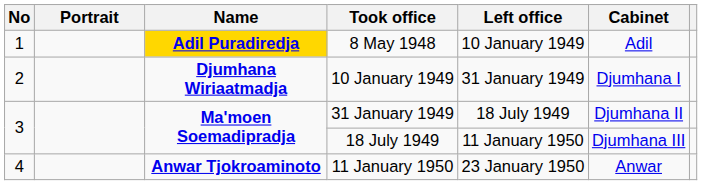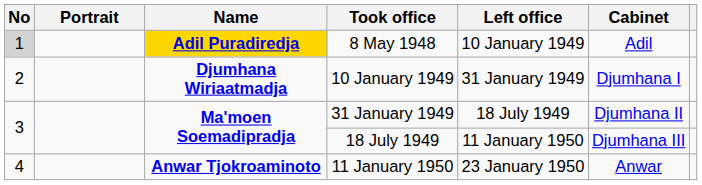 <table class="wikitable" style="text-align:center">
 <tr>
 <th>No</th>
 <th>Portrait</th>
 <th>Name</th>
 <th>Took office</th>
 <th>Left office</th>
 <th>Cabinet</th>
 <th></th>
 </tr>
 <tr>
-<td>1</td>
+<td style="background: lightgrey;">1</td>
 <td width=100></td>
 <td width=170 style="background: gold;"><strong><a href='#'>Adil Puradiredja</a></strong></td>
 <td>8 May 1948</td>
 <td>10 January 1949</td>
 <td><a href='#'>Adil</a></td>
 <td></td>
 </tr>
 <tr>
 <td>2</td>
 <td width=100></td>
 <td width=170><strong><a href='#'>Djumhana Wiriaatmadja</a></strong></td>
 <td>10 January 1949</td>
 <td>31 January 1949</td>
 <td><a href='#'>Djumhana I</a></td>
 <td></td>
 </tr>
 <tr>
 <td rowspan="2">3</td>
 <td rowspan="2"  width=100></td>
 <td rowspan="2"  width=170><strong><a href='#'>Ma'moen Soemadipradja</a></strong></td>
 <td>31 January 1949</td>
 <td>18 July 1949</td>
 <td><a href='#'>Djumhana II</a></td>
 <td></td>
 </tr>
 <tr>
 <td>18 July 1949</td>
 <td>11 January 1950</td>
 <td><a href='#'>Djumhana III</a></td>
 <td></td>
 </tr>
 <tr>
 <td>4</td>
 <td width=100></td>
 <td width=170><strong><a href='#'>Anwar Tjokroaminoto</a></strong></td>
 <td>11 January 1950</td>
 <td>23 January 1950</td>
 <td><a href='#'>Anwar</a></td>
 <td></td>
 </tr>
 </table>
